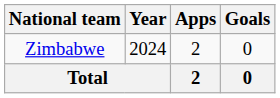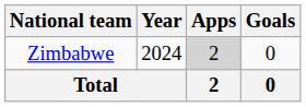 <table class="wikitable" style="text-align: center;">
 <tr>
 <th>National team</th>
 <th>Year</th>
 <th>Apps</th>
 <th>Goals</th>
 </tr>
 <tr>
 <td rowspan=1><a href='#'>Zimbabwe</a></td>
 <td>2024</td>
-<td>2</td>
+<td style="background: lightgrey;">2</td>
 <td>0</td>
 </tr>
 <tr>
 <th colspan="2">Total</th>
 <th>2</th>
 <th>0</th>
 </tr>
 </table>
